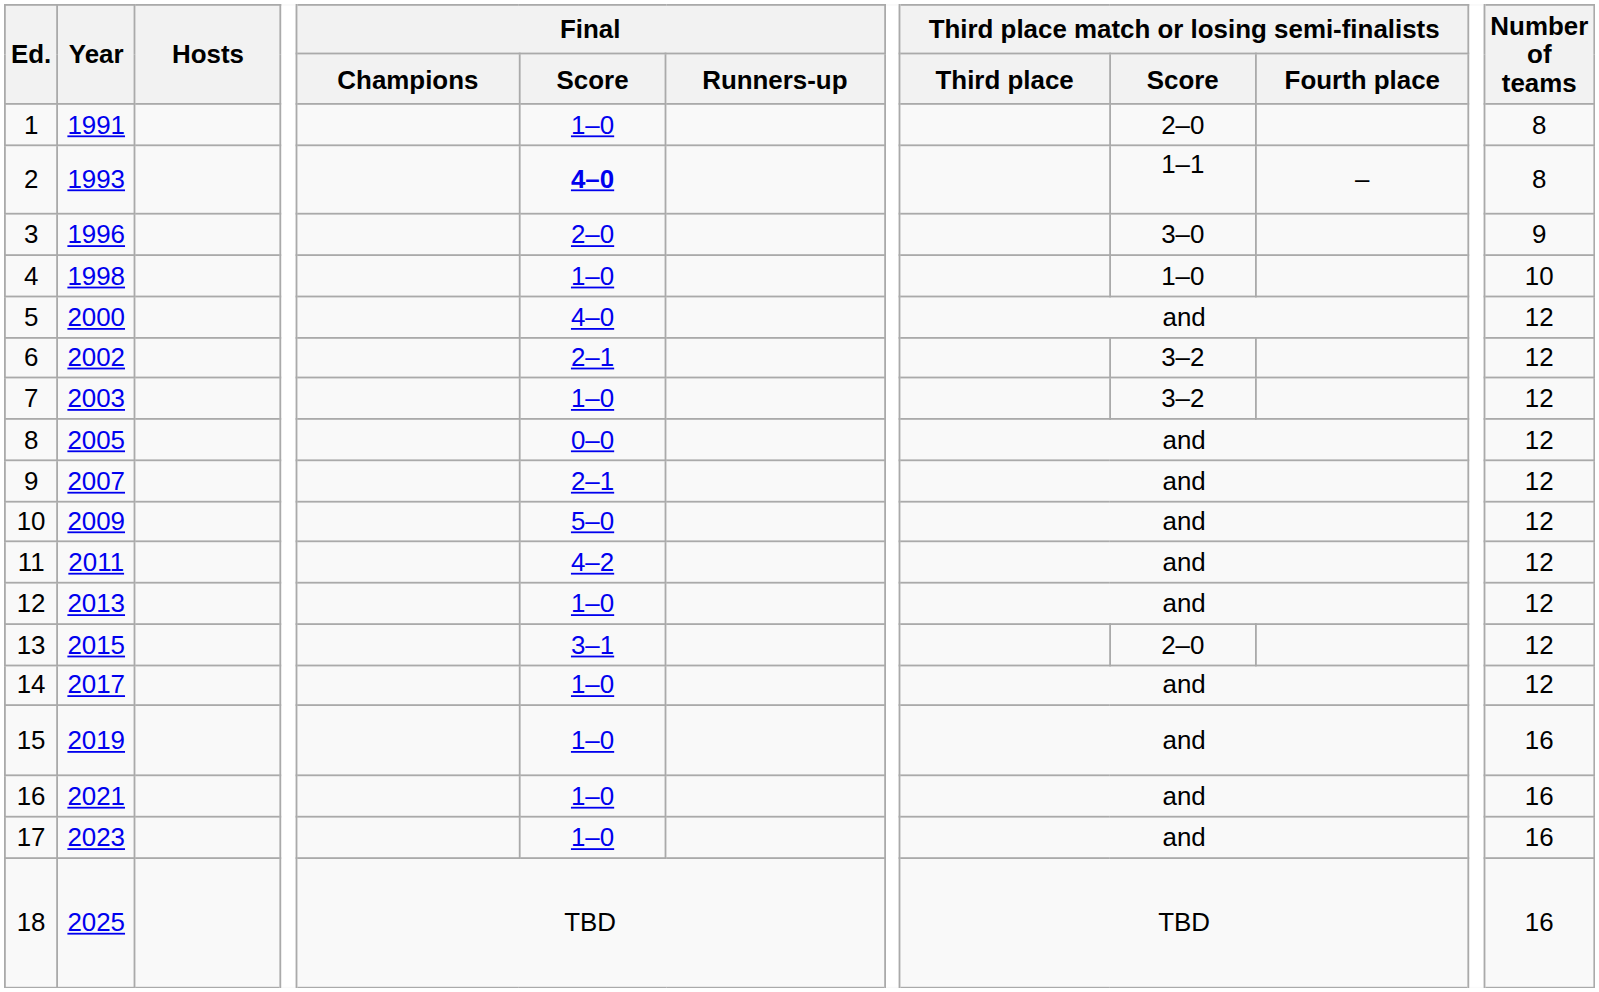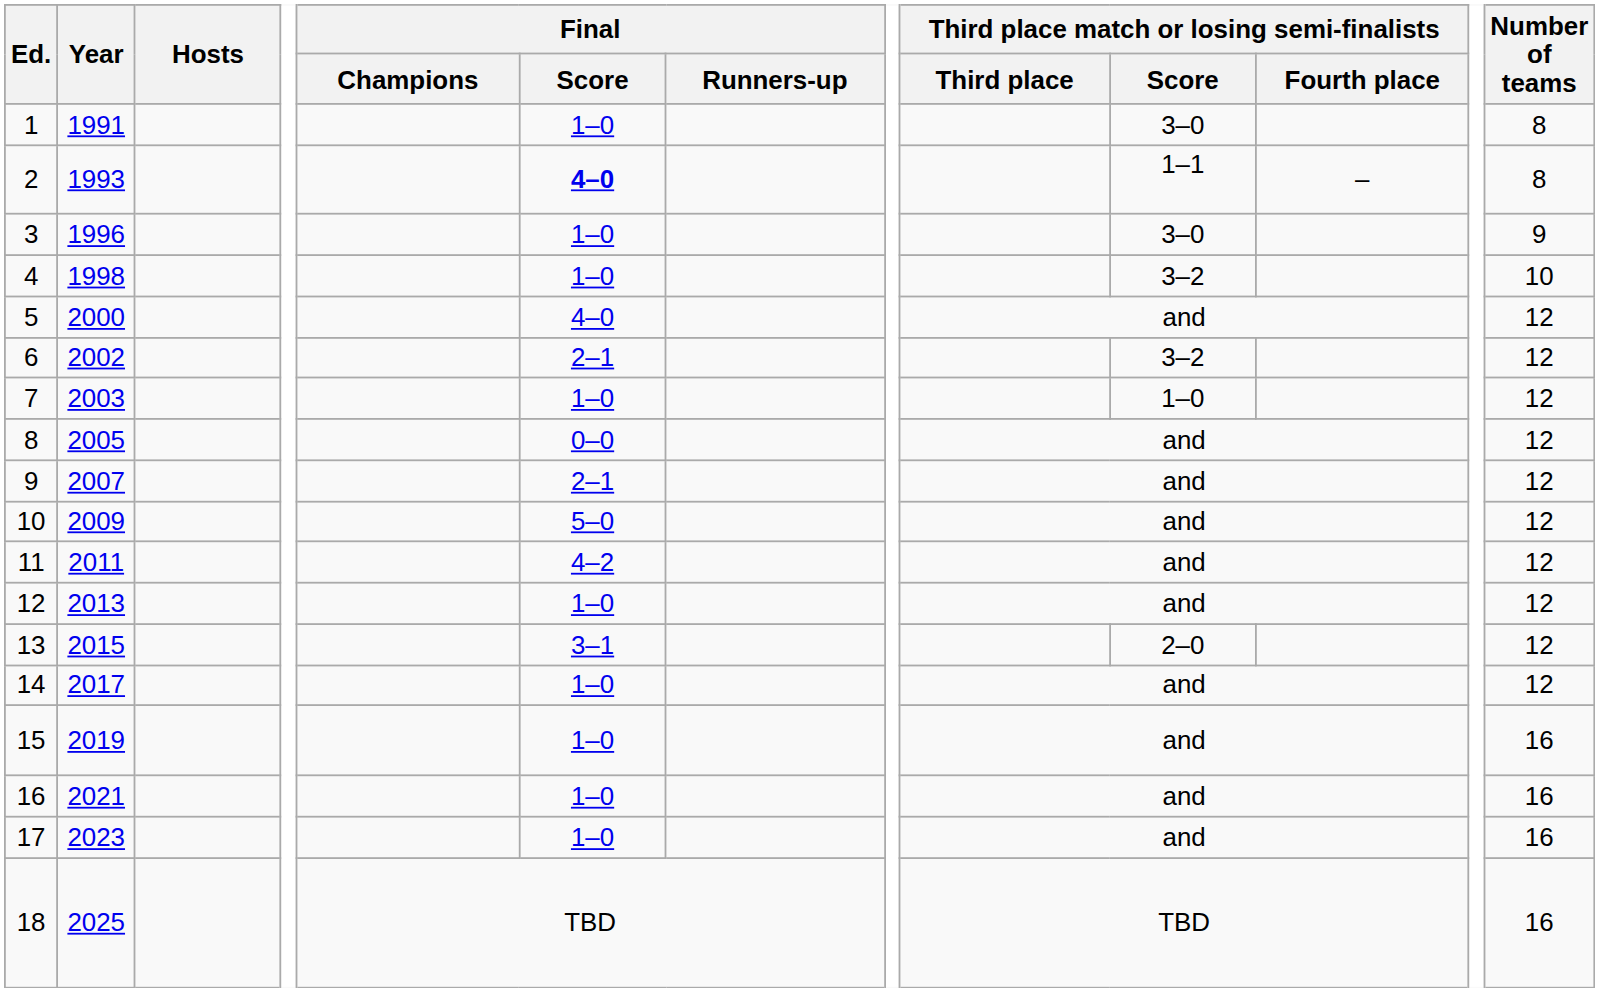 <table class="wikitable sortable" style="font-size:90%; text-align:center; width:100%;">
 <tr>
 <th rowspan="2" style="width:2%;">Ed.</th>
 <th rowspan="2" style="width:5%;">Year</th>
 <th rowspan="2" style="width:10%;">Hosts</th>
 <td width="1%" rowspan=21 style="background-color:#ffffff;border-top-style:hidden; border-bottom-style:hidden;"></td>
 <th colspan=3>Final</th>
 <td width="1%" rowspan=21 style="background-color:#ffffff;border-top-style:hidden; border-bottom-style:hidden;"></td>
 <th colspan=3>Third place match or losing semi-finalists</th>
 <td width="1%" rowspan=21 style="background-color:#ffffff;border-top-style:hidden; border-bottom-style:hidden;"></td>
 <th rowspan=2>Number of teams</th>
 </tr>
 <tr>
 <th style="width:15%;">Champions</th>
 <th style="width:10%;">Score</th>
 <th style="width:15%;">Runners-up</th>
 <th style="width:15%;">Third place</th>
 <th style="width:10%;">Score</th>
 <th style="width:15%;">Fourth place</th>
 </tr>
 <tr>
 <td>1</td>
 <td><a href='#'>1991</a></td>
 <td align=left></td>
 <td></td>
 <td><a href='#'>1–0</a></td>
 <td></td>
 <td></td>
-<td>2–0</td>
+<td>3–0</td>
 <td></td>
 <td>8</td>
 </tr>
 <tr>
 <td>2</td>
 <td><a href='#'>1993</a></td>
 <td align=left><br></td>
 <td></td>
 <td><strong><a href='#'>4–0</a></strong></td>
 <td></td>
 <td><br></td>
 <td>1–1<br><small></small><br></td>
 <td>–<br></td>
 <td>8</td>
 </tr>
 <tr>
 <td>3</td>
 <td><a href='#'>1996</a></td>
 <td align=left></td>
 <td></td>
-<td><a href='#'>2–0</a></td>
+<td><a href='#'>1–0</a></td>
 <td></td>
 <td></td>
 <td>3–0</td>
 <td></td>
 <td>9</td>
 </tr>
 <tr>
 <td>4</td>
 <td><a href='#'>1998</a></td>
 <td align=left></td>
 <td></td>
 <td><a href='#'>1–0</a></td>
 <td></td>
 <td></td>
-<td>1–0</td>
+<td>3–2</td>
 <td></td>
 <td>10</td>
 </tr>
 <tr>
 <td>5</td>
 <td><a href='#'>2000</a></td>
 <td align=left></td>
 <td></td>
 <td><a href='#'>4–0</a></td>
 <td></td>
 <td colspan="3"> and </td>
 <td>12</td>
 </tr>
 <tr>
 <td>6</td>
 <td><a href='#'>2002</a></td>
 <td align=left></td>
 <td></td>
 <td><a href='#'>2–1</a></td>
 <td></td>
 <td></td>
 <td>3–2</td>
 <td></td>
 <td>12</td>
 </tr>
 <tr>
 <td>7</td>
 <td><a href='#'>2003</a></td>
 <td align=left><br></td>
 <td></td>
 <td><a href='#'>1–0</a><br><small></small></td>
 <td></td>
 <td></td>
-<td>3–2</td>
+<td>1–0</td>
 <td></td>
 <td>12</td>
 </tr>
 <tr>
 <td>8</td>
 <td><a href='#'>2005</a></td>
 <td align=left></td>
 <td></td>
 <td><a href='#'>0–0</a><br><small></small></td>
 <td></td>
 <td colspan="3"> and </td>
 <td>12</td>
 </tr>
 <tr>
 <td>9</td>
 <td><a href='#'>2007</a></td>
 <td align=left></td>
 <td></td>
 <td><a href='#'>2–1</a></td>
 <td></td>
 <td colspan="3"> and </td>
 <td>12</td>
 </tr>
 <tr>
 <td>10</td>
 <td><a href='#'>2009</a></td>
 <td align=left></td>
 <td></td>
 <td><a href='#'>5–0</a></td>
 <td></td>
 <td colspan="3"> and </td>
 <td>12</td>
 </tr>
 <tr>
 <td>11</td>
 <td><a href='#'>2011</a></td>
 <td align=left></td>
 <td></td>
 <td><a href='#'>4–2</a></td>
 <td></td>
 <td colspan="3"> and </td>
 <td>12</td>
 </tr>
 <tr>
 <td>12</td>
 <td><a href='#'>2013</a></td>
 <td align=left></td>
 <td></td>
 <td><a href='#'>1–0</a></td>
 <td></td>
 <td colspan="3"> and </td>
 <td>12</td>
 </tr>
 <tr>
 <td>13</td>
 <td><a href='#'>2015</a></td>
 <td align=left><br></td>
 <td></td>
 <td><a href='#'>3–1</a></td>
 <td></td>
 <td></td>
 <td>2–0</td>
 <td></td>
 <td>12</td>
 </tr>
 <tr>
 <td>14</td>
 <td><a href='#'>2017</a></td>
 <td align=left></td>
 <td></td>
 <td><a href='#'>1–0</a></td>
 <td></td>
 <td colspan="3"> and </td>
 <td>12</td>
 </tr>
 <tr>
 <td>15</td>
 <td><a href='#'>2019</a></td>
 <td align=left><br><br></td>
 <td></td>
 <td><a href='#'>1–0</a></td>
 <td></td>
 <td colspan="3"> and </td>
 <td>16</td>
 </tr>
 <tr>
 <td>16</td>
 <td><a href='#'>2021</a></td>
 <td align=left></td>
 <td></td>
 <td><a href='#'>1–0</a><br><small></small></td>
 <td></td>
 <td colspan="3"> and </td>
 <td>16</td>
 </tr>
 <tr>
 <td>17</td>
 <td><a href='#'>2023</a></td>
 <td align=left><br></td>
 <td></td>
 <td><a href='#'>1–0</a></td>
 <td></td>
 <td colspan="3"> and </td>
 <td>16</td>
 </tr>
 <tr style=" height:5em;">
 <td>18</td>
 <td><a href='#'>2025</a></td>
 <td align=left><br></td>
 <td colspan="3">TBD</td>
 <td colspan="3">TBD</td>
 <td>16</td>
 </tr>
 </table>
